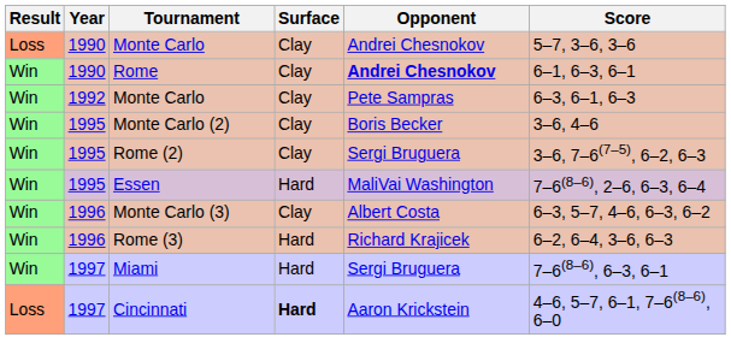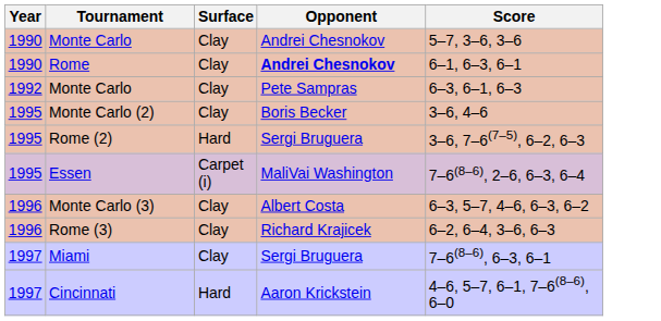 <table class="sortable wikitable">
 <tr>
-<th style="width:40px">Result</th>
 <th style="width:30px">Year</th>
 <th style="width:150px">Tournament</th>
 <th style="width:50px">Surface</th>
 <th style="width:170px">Opponent</th>
 <th style="width:180px"  class="unsortable">Score</th>
 </tr>
 <tr style="background:#ebc2af;">
-<td style="background:#ffa07a;">Loss</td>
 <td><a href='#'>1990</a></td>
 <td><a href='#'>Monte Carlo</a></td>
 <td>Clay</td>
 <td> <a href='#'>Andrei Chesnokov</a></td>
 <td>5–7, 3–6, 3–6</td>
 </tr>
 <tr style="background:#ebc2af;">
-<td style="background:#98fb98;">Win</td>
 <td><a href='#'>1990</a></td>
 <td><a href='#'>Rome</a></td>
 <td>Clay</td>
 <td><strong> <a href='#'>Andrei Chesnokov</a></strong></td>
 <td>6–1, 6–3, 6–1</td>
 </tr>
 <tr style="background:#ebc2af;">
-<td style="background:#98fb98;">Win</td>
 <td><a href='#'>1992</a></td>
 <td>Monte Carlo</td>
 <td>Clay</td>
 <td> <a href='#'>Pete Sampras</a></td>
 <td>6–3, 6–1, 6–3</td>
 </tr>
 <tr style="background:#ebc2af;">
-<td style="background:#98fb98;">Win</td>
 <td><a href='#'>1995</a></td>
 <td>Monte Carlo (2)</td>
 <td>Clay</td>
 <td> <a href='#'>Boris Becker</a></td>
 <td>3–6, 4–6</td>
 </tr>
 <tr style="background:#ebc2af;">
-<td style="background:#98fb98;">Win</td>
 <td><a href='#'>1995</a></td>
 <td>Rome (2)</td>
-<td>Clay</td>
+<td>Hard</td>
 <td> <a href='#'>Sergi Bruguera</a></td>
 <td>3–6, 7–6<sup>(7–5)</sup>, 6–2, 6–3</td>
 </tr>
 <tr style="background:thistle">
-<td style="background:#98fb98;">Win</td>
 <td><a href='#'>1995</a></td>
 <td><a href='#'>Essen</a></td>
-<td>Hard</td>
+<td>Carpet (i)</td>
 <td> <a href='#'>MaliVai Washington</a></td>
 <td>7–6<sup>(8–6)</sup>, 2–6, 6–3, 6–4</td>
 </tr>
 <tr style="background:#ebc2af;">
-<td style="background:#98fb98;">Win</td>
 <td><a href='#'>1996</a></td>
 <td>Monte Carlo (3)</td>
 <td>Clay</td>
 <td> <a href='#'>Albert Costa</a></td>
 <td>6–3, 5–7, 4–6, 6–3, 6–2</td>
 </tr>
 <tr style="background:#ebc2af;">
-<td style="background:#98fb98;">Win</td>
 <td><a href='#'>1996</a></td>
 <td>Rome (3)</td>
-<td>Hard</td>
+<td>Clay</td>
 <td> <a href='#'>Richard Krajicek</a></td>
 <td>6–2, 6–4, 3–6, 6–3</td>
 </tr>
 <tr style="background:#ccf;">
-<td style="background:#98fb98;">Win</td>
 <td><a href='#'>1997</a></td>
 <td><a href='#'>Miami</a></td>
-<td>Hard</td>
+<td>Clay</td>
 <td> <a href='#'>Sergi Bruguera</a></td>
 <td>7–6<sup>(8–6)</sup>, 6–3, 6–1</td>
 </tr>
 <tr style="background:#ccf;">
-<td style="background:#ffa07a;">Loss</td>
 <td><a href='#'>1997</a></td>
 <td><a href='#'>Cincinnati</a></td>
-<td><strong>Hard</strong></td>
+<td>Hard</td>
 <td> <a href='#'>Aaron Krickstein</a></td>
 <td>4–6, 5–7, 6–1, 7–6<sup>(8–6)</sup>, 6–0</td>
 </tr>
 </table>
